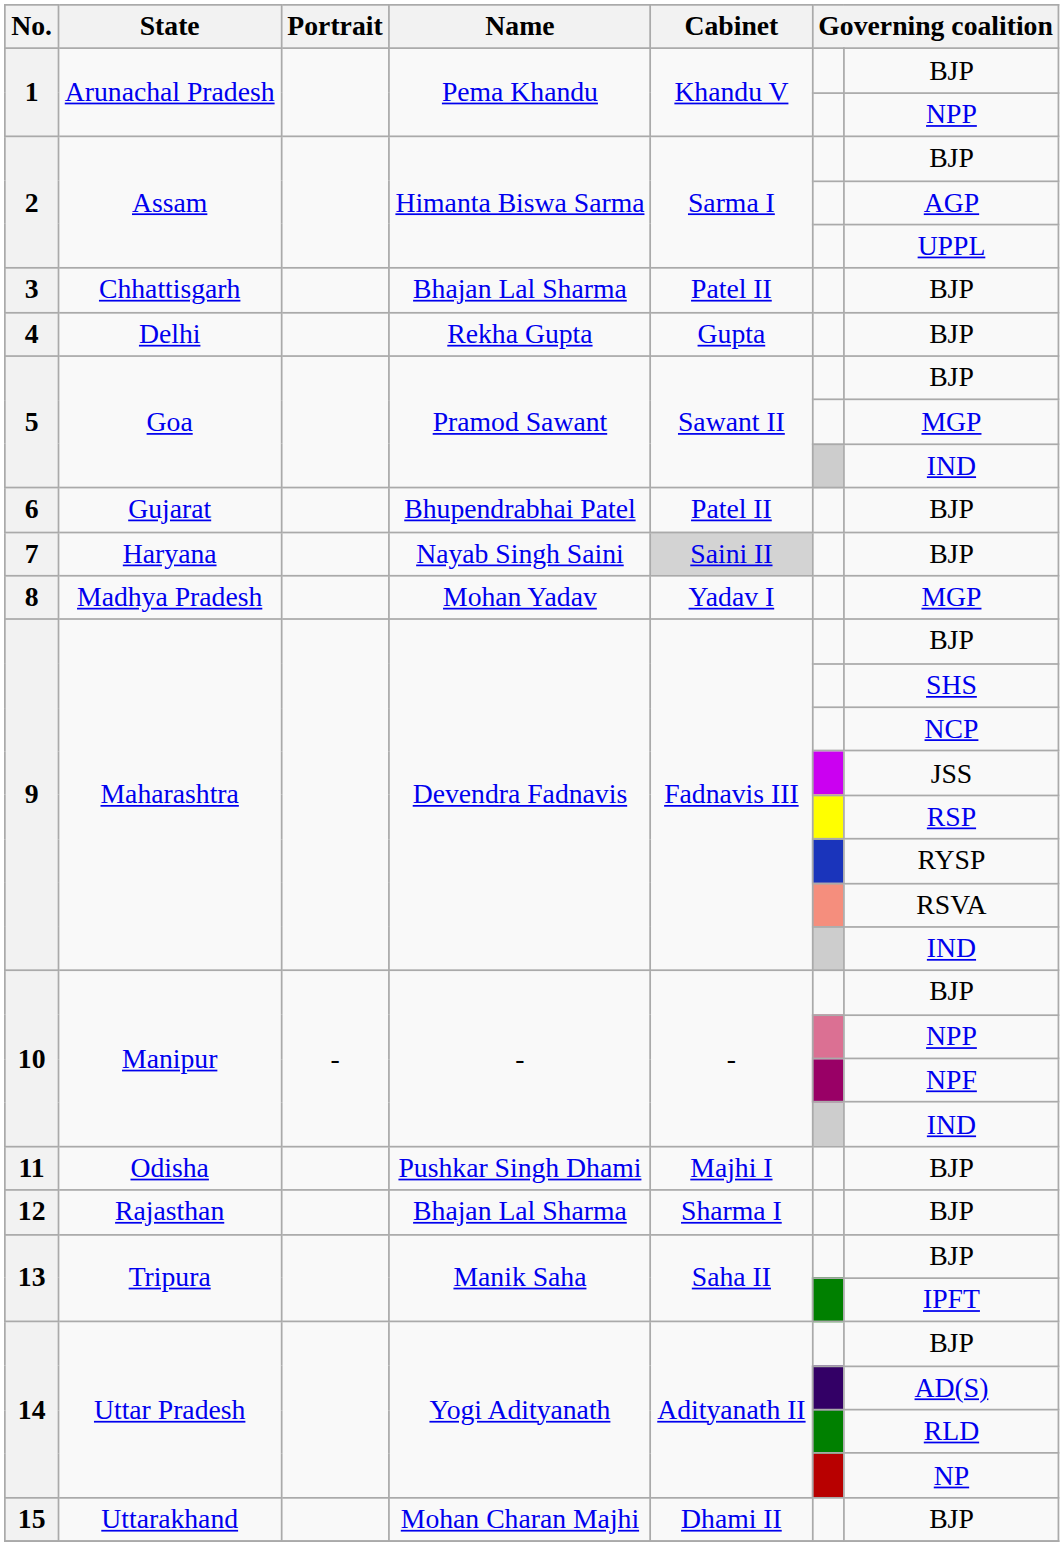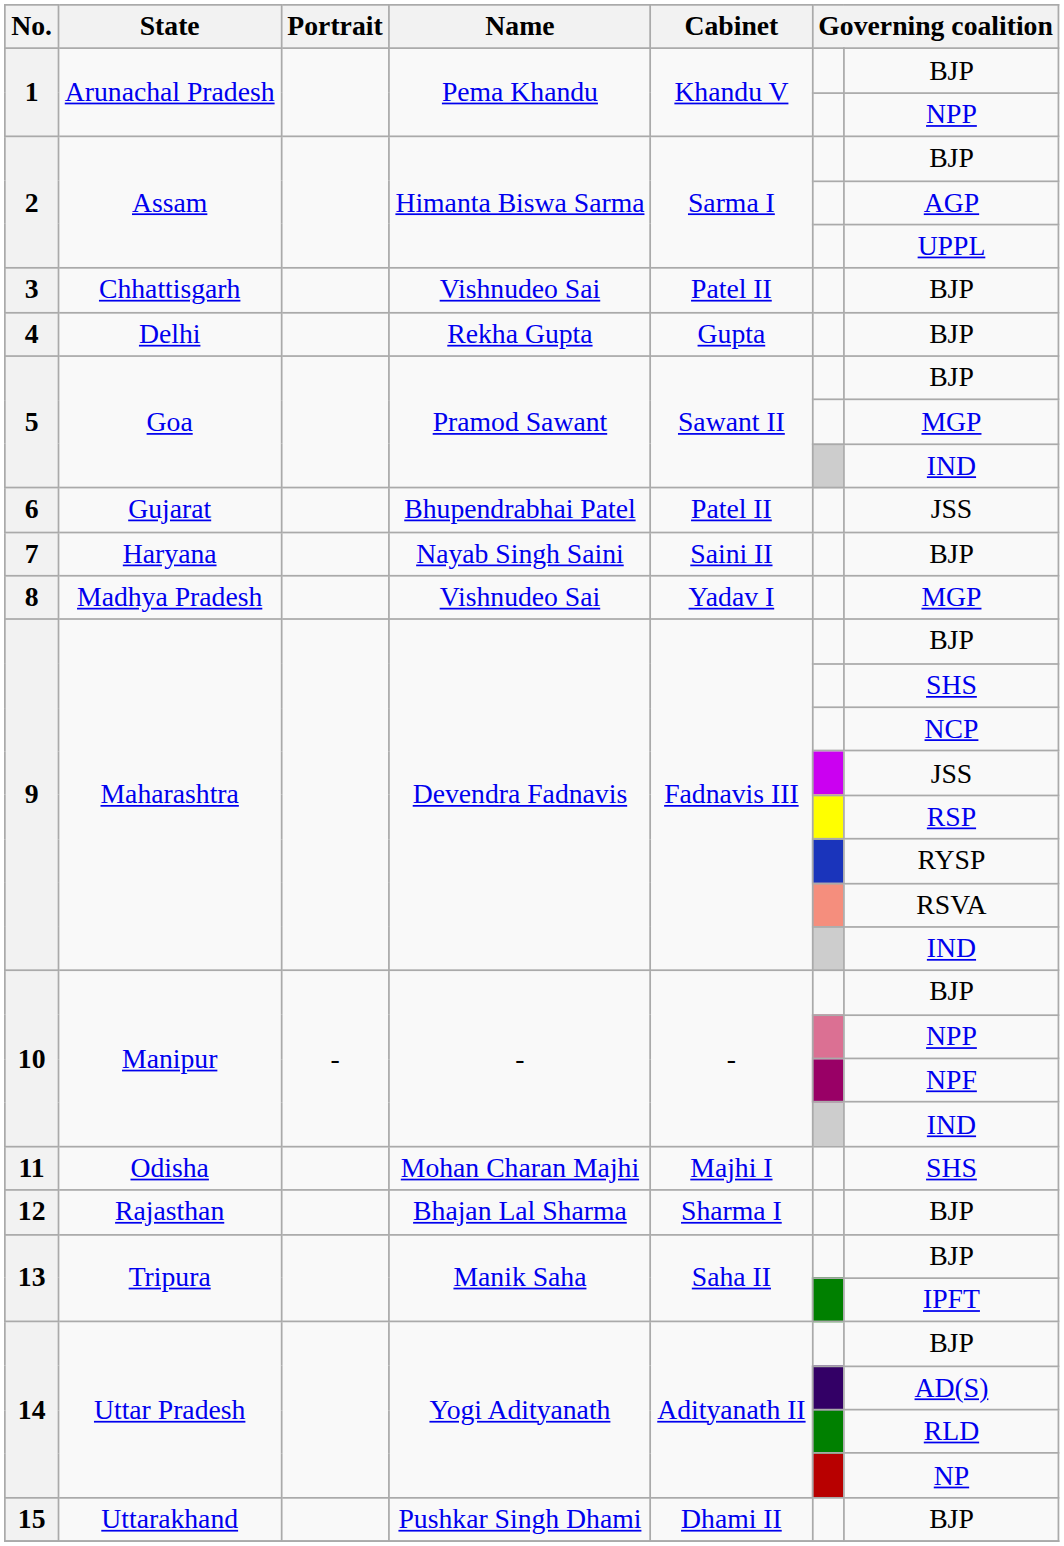 <table class="wikitable sortable" style="text-align:center">
 <tr>
 <th>No.</th>
 <th>State</th>
 <th>Portrait</th>
 <th>Name</th>
 <th>Cabinet</th>
 <th colspan="2">Governing coalition</th>
 </tr>
 <tr>
 <th rowspan="2">1</th>
 <td rowspan="2"><a href='#'>Arunachal Pradesh</a></td>
 <td rowspan="2"></td>
 <td rowspan="2"><a href='#'>Pema Khandu</a></td>
 <td Rowspan=2><a href='#'>Khandu V</a></td>
 <td></td>
 <td>BJP</td>
 </tr>
 <tr>
 <td></td>
 <td><a href='#'>NPP</a></td>
 </tr>
 <tr>
 <th rowspan="3">2</th>
 <td rowspan="3"><a href='#'>Assam</a></td>
 <td rowspan="3"></td>
 <td rowspan="3"><a href='#'>Himanta Biswa Sarma</a></td>
 <td Rowspan=3><a href='#'>Sarma I</a></td>
 <td></td>
 <td>BJP</td>
 </tr>
 <tr>
 <td></td>
 <td><a href='#'>AGP</a></td>
 </tr>
 <tr>
 <td></td>
 <td><a href='#'>UPPL</a></td>
 </tr>
 <tr>
 <th>3</th>
 <td><a href='#'>Chhattisgarh</a></td>
 <td></td>
-<td><a href='#'>Bhajan Lal Sharma</a></td>
+<td><a href='#'>Vishnudeo Sai</a></td>
 <td><a href='#'>Patel II</a></td>
 <td></td>
 <td>BJP</td>
 </tr>
 <tr>
 <th>4</th>
 <td><a href='#'>Delhi</a></td>
 <td></td>
 <td><a href='#'>Rekha Gupta</a></td>
 <td><a href='#'>Gupta</a></td>
 <td></td>
 <td>BJP</td>
 </tr>
 <tr>
 <th rowspan="3">5</th>
 <td rowspan="3"><a href='#'>Goa</a></td>
 <td rowspan="3"></td>
 <td rowspan="3"><a href='#'>Pramod Sawant</a></td>
 <td rowspan="3"><a href='#'>Sawant II</a></td>
 <td></td>
 <td>BJP</td>
 </tr>
 <tr>
 <td></td>
 <td><a href='#'>MGP</a></td>
 </tr>
 <tr>
 <td bgcolor=CDCDCD></td>
 <td><a href='#'>IND</a></td>
 </tr>
 <tr>
 <th>6</th>
 <td><a href='#'>Gujarat</a></td>
 <td></td>
 <td><a href='#'>Bhupendrabhai Patel</a></td>
 <td><a href='#'>Patel II</a></td>
 <td></td>
-<td>BJP</td>
+<td>JSS</td>
 </tr>
 <tr>
 <th>7</th>
 <td><a href='#'>Haryana</a></td>
 <td></td>
 <td><a href='#'>Nayab Singh Saini</a></td>
-<td style="background: lightgrey;"><a href='#'>Saini II</a></td>
+<td><a href='#'>Saini II</a></td>
 <td></td>
 <td>BJP</td>
 </tr>
 <tr>
 <th>8</th>
 <td><a href='#'>Madhya Pradesh</a></td>
 <td></td>
-<td><a href='#'>Mohan Yadav</a></td>
+<td><a href='#'>Vishnudeo Sai</a></td>
 <td><a href='#'>Yadav I</a></td>
 <td></td>
 <td><a href='#'>MGP</a></td>
 </tr>
 <tr>
 <th rowspan="8">9</th>
 <td rowspan="8"><a href='#'>Maharashtra</a></td>
 <td rowspan="8"></td>
 <td rowspan="8"><a href='#'>Devendra Fadnavis</a></td>
 <td rowspan="8"><a href='#'>Fadnavis III</a></td>
 <td></td>
 <td>BJP</td>
 </tr>
 <tr>
 <td></td>
 <td><a href='#'>SHS</a></td>
 </tr>
 <tr>
 <td></td>
 <td><a href='#'>NCP</a></td>
 </tr>
 <tr>
 <td bgcolor=#CB00F1></td>
 <td>JSS</td>
 </tr>
 <tr>
 <td bgcolor=#FFFF00></td>
 <td><a href='#'>RSP</a></td>
 </tr>
 <tr>
 <td bgcolor=#1A34BB></td>
 <td>RYSP</td>
 </tr>
 <tr>
 <td bgcolor=#F58E7D></td>
 <td>RSVA</td>
 </tr>
 <tr>
 <td bgcolor=#CDCDCD></td>
 <td><a href='#'>IND</a></td>
 </tr>
 <tr>
 <th rowspan="4">10</th>
 <td rowspan="4"><a href='#'>Manipur</a></td>
 <td rowspan="4">-</td>
 <td rowspan="4">-</td>
 <td Rowspan=4>-</td>
 <td></td>
 <td>BJP</td>
 </tr>
 <tr>
 <td style="background:#DB7093"></td>
 <td><a href='#'>NPP</a></td>
 </tr>
 <tr>
 <td style="background:#906;"></td>
 <td><a href='#'>NPF</a></td>
 </tr>
 <tr>
 <td style="background:#CDCDCD;"></td>
 <td><a href='#'>IND</a></td>
 </tr>
 <tr>
 <th>11</th>
 <td><a href='#'>Odisha</a></td>
 <td></td>
-<td><a href='#'>Pushkar Singh Dhami</a></td>
+<td><a href='#'>Mohan Charan Majhi</a></td>
 <td><a href='#'>Majhi I</a></td>
 <td></td>
-<td>BJP</td>
+<td><a href='#'>SHS</a></td>
 </tr>
 <tr>
 <th>12</th>
 <td><a href='#'>Rajasthan</a></td>
 <td></td>
 <td><a href='#'>Bhajan Lal Sharma</a></td>
 <td><a href='#'>Sharma I</a></td>
 <td></td>
 <td>BJP</td>
 </tr>
 <tr>
 <th rowspan="2">13</th>
 <td rowspan="2"><a href='#'>Tripura</a></td>
 <td rowspan="2"></td>
 <td rowspan="2"><a href='#'>Manik Saha</a></td>
 <td rowspan="2"><a href='#'>Saha II</a></td>
 <td></td>
 <td>BJP</td>
 </tr>
 <tr>
 <td style="background:green;"></td>
 <td><a href='#'>IPFT</a></td>
 </tr>
 <tr>
 <th Rowspan="4">14</th>
 <td rowspan="4"><a href='#'>Uttar Pradesh</a></td>
 <td rowspan="4"></td>
 <td rowspan="4"><a href='#'>Yogi Adityanath</a></td>
 <td Rowspan=4><a href='#'>Adityanath II</a></td>
 <td></td>
 <td>BJP</td>
 </tr>
 <tr>
 <td style="background:#306;"></td>
 <td><a href='#'>AD(S)</a></td>
 </tr>
 <tr>
 <td style="background:green"></td>
 <td><a href='#'>RLD</a></td>
 </tr>
 <tr>
 <td style="background:#b80000;"></td>
 <td><a href='#'>NP</a></td>
 </tr>
 <tr>
 <th>15</th>
 <td><a href='#'>Uttarakhand</a></td>
 <td></td>
-<td><a href='#'>Mohan Charan Majhi</a></td>
+<td><a href='#'>Pushkar Singh Dhami</a></td>
 <td><a href='#'>Dhami II</a></td>
 <td></td>
 <td>BJP</td>
 </tr>
 <tr>
 </tr>
 </table>
